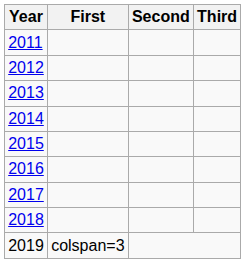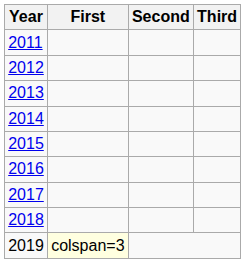 <table class = "wikitable">
 <tr>
 <th>Year</th>
 <th>First</th>
 <th>Second</th>
 <th>Third</th>
 </tr>
 <tr>
 <td><a href='#'>2011</a></td>
 <td></td>
 <td></td>
 <td></td>
 </tr>
 <tr>
 <td><a href='#'>2012</a></td>
 <td></td>
 <td></td>
 <td></td>
 </tr>
 <tr>
 <td><a href='#'>2013</a></td>
 <td></td>
 <td></td>
 <td></td>
 </tr>
 <tr>
 <td><a href='#'>2014</a></td>
 <td></td>
 <td></td>
 <td></td>
 </tr>
 <tr>
 <td><a href='#'>2015</a></td>
 <td></td>
 <td></td>
 <td></td>
 </tr>
 <tr>
 <td><a href='#'>2016</a></td>
 <td></td>
 <td></td>
 <td></td>
 </tr>
 <tr>
 <td><a href='#'>2017</a></td>
 <td></td>
 <td></td>
 <td></td>
 </tr>
 <tr>
 <td><a href='#'>2018</a></td>
 <td></td>
 <td></td>
 <td></td>
 </tr>
 <tr>
 <td>2019</td>
-<td>colspan=3 </td>
+<td style="background: lightyellow;">colspan=3 </td>
 </tr>
 </table>
